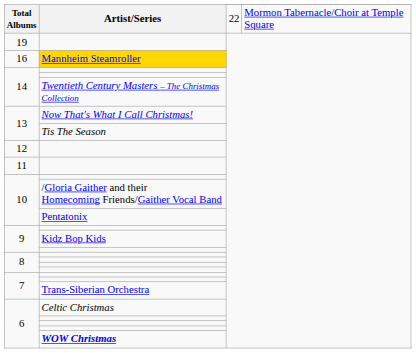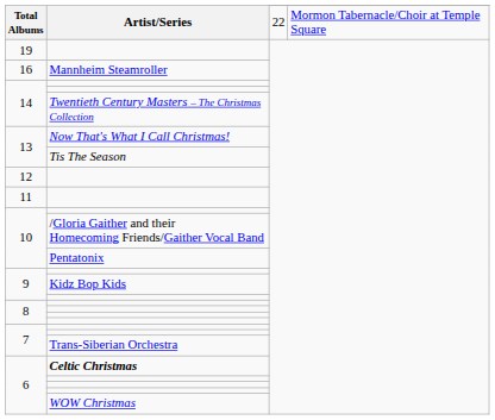 <table class="wikitable sortable plainrowheaders">
 <tr>
 <th rowspan="2"><small>Total<br>Albums</small></th>
 <th rowspan="2">Artist/Series</th>
 </tr>
 <tr>
 <td align="center">22</td>
 <td><a href='#'>Mormon Tabernacle/Choir at Temple Square</a></td>
 </tr>
 <tr>
 <td align="center">19</td>
 <td></td>
 </tr>
 <tr>
 <td align="center">16</td>
-<td style="background: gold;"><a href='#'>Mannheim Steamroller</a></td>
+<td><a href='#'>Mannheim Steamroller</a></td>
 </tr>
 <tr>
 <td rowspan="3" align="center">14</td>
 <td></td>
 </tr>
 <tr>
 <td></td>
 </tr>
 <tr>
 <td><em><a href='#'>Twentieth Century Masters <small>– The Christmas Collection</small></a></em></td>
 </tr>
 <tr>
 <td rowspan="2" align="center">13</td>
 <td><em><a href='#'>Now That's What I Call Christmas!</a></em></td>
 </tr>
 <tr>
 <td><em>Tis The Season</em></td>
 </tr>
 <tr>
 <td align="center">12</td>
 <td></td>
 </tr>
 <tr>
 <td align="center">11</td>
 <td><em></em></td>
 </tr>
 <tr>
 <td rowspan="3" align="center">10</td>
 <td></td>
 </tr>
 <tr>
 <td>/<a href='#'>Gloria Gaither</a> and their<br><a href='#'>Homecoming</a> Friends/<a href='#'>Gaither Vocal Band</a></td>
 </tr>
 <tr>
 <td><a href='#'>Pentatonix</a></td>
 </tr>
 <tr>
 <td rowspan="3" align="center">9</td>
 <td></td>
 </tr>
 <tr>
 <td><a href='#'>Kidz Bop Kids</a></td>
 </tr>
 <tr>
 <td><em></em></td>
 </tr>
 <tr>
 <td rowspan="4" align="center">8</td>
 <td></td>
 </tr>
 <tr>
 <td></td>
 </tr>
 <tr>
 <td></td>
 </tr>
 <tr>
 <td><em></em></td>
 </tr>
 <tr>
 <td rowspan="3" align="center">7</td>
 <td></td>
 </tr>
 <tr>
 <td></td>
 </tr>
 <tr>
 <td><a href='#'>Trans-Siberian Orchestra</a></td>
 </tr>
 <tr>
 <td rowspan="5" align="center">6</td>
-<td><em>Celtic Christmas</em></td>
+<td><strong><em>Celtic Christmas</em></strong></td>
 </tr>
 <tr>
 <td></td>
 </tr>
 <tr>
 <td></td>
 </tr>
 <tr>
 <td></td>
 </tr>
 <tr>
-<td><strong><em><a href='#'>WOW Christmas</a></em></strong></td>
+<td><em><a href='#'>WOW Christmas</a></em></td>
 </tr>
 </table>
